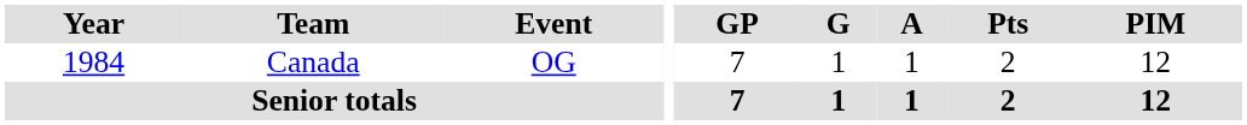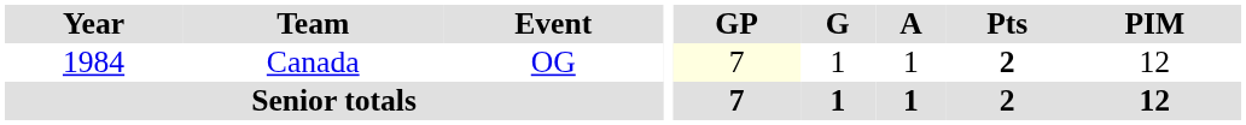 <table border="0" cellpadding="1" cellspacing="0" ID="Table3" style="text-align:center; width:40em">
 <tr bgcolor="#e0e0e0">
 <th>Year</th>
 <th>Team</th>
 <th>Event</th>
 <th rowspan="102" bgcolor="#ffffff"></th>
 <th>GP</th>
 <th>G</th>
 <th>A</th>
 <th>Pts</th>
 <th>PIM</th>
 </tr>
 <tr>
 <td><a href='#'>1984</a></td>
 <td><a href='#'>Canada</a></td>
 <td><a href='#'>OG</a></td>
-<td>7</td>
+<td style="background: lightyellow;">7</td>
 <td>1</td>
 <td>1</td>
-<td>2</td>
+<td><strong>2</strong></td>
 <td>12</td>
 </tr>
 <tr bgcolor="#e0e0e0">
 <th colspan="3">Senior totals</th>
 <th>7</th>
 <th>1</th>
 <th>1</th>
 <th>2</th>
 <th>12</th>
 </tr>
 </table>
